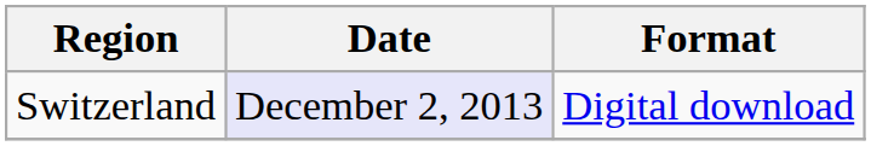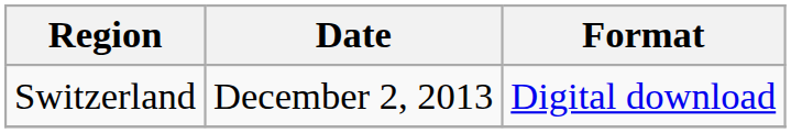 <table class=wikitable>
 <tr>
 <th>Region</th>
 <th>Date</th>
 <th>Format</th>
 </tr>
 <tr>
 <td>Switzerland</td>
-<td style="background: lavender;">December 2, 2013</td>
+<td>December 2, 2013</td>
 <td><a href='#'>Digital download</a></td>
 </tr>
 <tr>
 </tr>
 </table>
